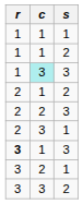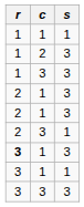 <table class="wikitable" style="margin-left:auto;margin-right:auto;text-align:center;width:6em;height:6em;table-layout:fixed;">
 <tr>
 <th><em>r</em></th>
 <th><em>c</em></th>
 <th><em>s</em></th>
 </tr>
 <tr>
 <td>1</td>
 <td>1</td>
 <td>1</td>
 </tr>
 <tr>
 <td>1</td>
-<td>1</td>
 <td>2</td>
+<td>3</td>
 </tr>
 <tr>
 <td>1</td>
-<td style="background: paleturquoise;">3</td>
+<td>3</td>
 <td>3</td>
 </tr>
 <tr>
 <td>2</td>
 <td>1</td>
-<td>2</td>
+<td>3</td>
 </tr>
 <tr>
 <td>2</td>
-<td>2</td>
+<td>1</td>
 <td>3</td>
 </tr>
 <tr>
 <td>2</td>
 <td>3</td>
 <td>1</td>
 </tr>
 <tr>
 <td><strong>3</strong></td>
 <td>1</td>
 <td>3</td>
 </tr>
 <tr>
 <td>3</td>
-<td>2</td>
+<td>1</td>
 <td>1</td>
 </tr>
 <tr>
 <td>3</td>
 <td>3</td>
-<td>2</td>
+<td>3</td>
 </tr>
 </table>
